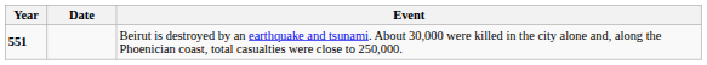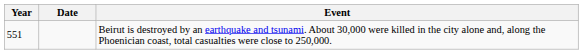 <table class="wikitable" width="100%">
 <tr>
 <th style="width:6%">Year</th>
 <th style="width:10%">Date</th>
 <th>Event</th>
 </tr>
 <tr>
-<td><strong>551</strong></td>
+<td>551</td>
 <td></td>
 <td>Beirut is destroyed by an <a href='#'>earthquake and tsunami</a>. About 30,000 were killed in the city alone and, along the Phoenician coast, total casualties were close to 250,000.</td>
 </tr>
 </table>
